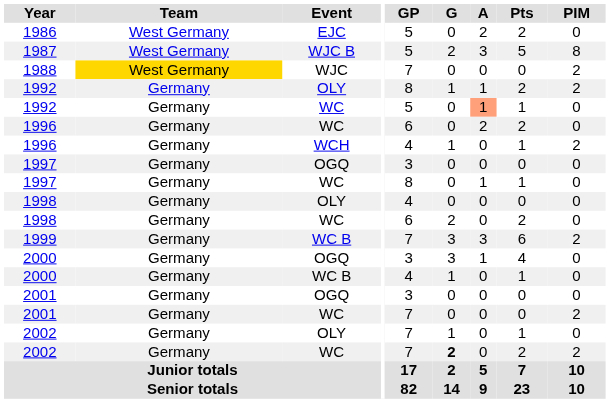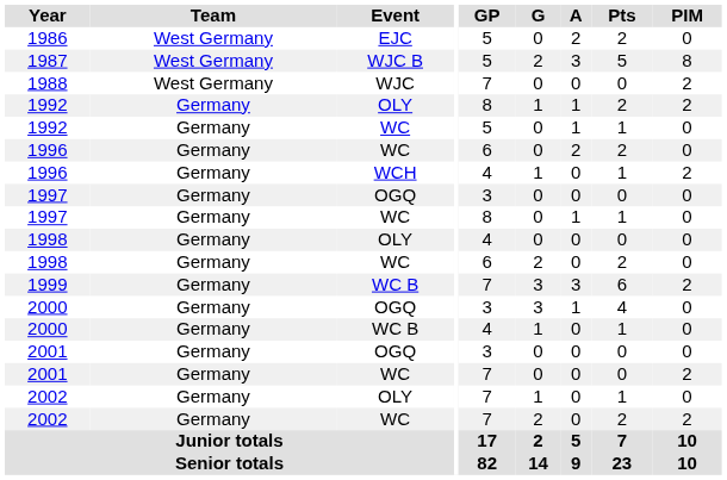 <table border="0" cellpadding="1" cellspacing="0" ID="Table3" style="text-align:center; width:40em">
 <tr bgcolor="#e0e0e0">
 <th>Year</th>
 <th>Team</th>
 <th>Event</th>
 <th rowspan="102" bgcolor="#ffffff"></th>
 <th>GP</th>
 <th>G</th>
 <th>A</th>
 <th>Pts</th>
 <th>PIM</th>
 </tr>
 <tr>
 <td><a href='#'>1986</a></td>
 <td><a href='#'>West Germany</a></td>
 <td><a href='#'>EJC</a></td>
 <td>5</td>
 <td>0</td>
 <td>2</td>
 <td>2</td>
 <td>0</td>
 </tr>
 <tr bgcolor="#f0f0f0">
 <td><a href='#'>1987</a></td>
 <td><a href='#'>West Germany</a></td>
 <td><a href='#'>WJC B</a></td>
 <td>5</td>
 <td>2</td>
 <td>3</td>
 <td>5</td>
 <td>8</td>
 </tr>
 <tr>
 <td><a href='#'>1988</a></td>
-<td style="background: gold;">West Germany</td>
+<td>West Germany</td>
 <td>WJC</td>
 <td>7</td>
 <td>0</td>
 <td>0</td>
 <td>0</td>
 <td>2</td>
 </tr>
 <tr bgcolor="#f0f0f0">
 <td><a href='#'>1992</a></td>
 <td><a href='#'>Germany</a></td>
 <td><a href='#'>OLY</a></td>
 <td>8</td>
 <td>1</td>
 <td>1</td>
 <td>2</td>
 <td>2</td>
 </tr>
 <tr>
 <td><a href='#'>1992</a></td>
 <td>Germany</td>
 <td><a href='#'>WC</a></td>
 <td>5</td>
 <td>0</td>
-<td style="background: lightsalmon;">1</td>
+<td>1</td>
 <td>1</td>
 <td>0</td>
 </tr>
 <tr bgcolor="#f0f0f0">
 <td><a href='#'>1996</a></td>
 <td>Germany</td>
 <td>WC</td>
 <td>6</td>
 <td>0</td>
 <td>2</td>
 <td>2</td>
 <td>0</td>
 </tr>
 <tr>
 <td><a href='#'>1996</a></td>
 <td>Germany</td>
 <td><a href='#'>WCH</a></td>
 <td>4</td>
 <td>1</td>
 <td>0</td>
 <td>1</td>
 <td>2</td>
 </tr>
 <tr bgcolor="#f0f0f0">
 <td><a href='#'>1997</a></td>
 <td>Germany</td>
 <td>OGQ</td>
 <td>3</td>
 <td>0</td>
 <td>0</td>
 <td>0</td>
 <td>0</td>
 </tr>
 <tr>
 <td><a href='#'>1997</a></td>
 <td>Germany</td>
 <td>WC</td>
 <td>8</td>
 <td>0</td>
 <td>1</td>
 <td>1</td>
 <td>0</td>
 </tr>
 <tr bgcolor="#f0f0f0">
 <td><a href='#'>1998</a></td>
 <td>Germany</td>
 <td>OLY</td>
 <td>4</td>
 <td>0</td>
 <td>0</td>
 <td>0</td>
 <td>0</td>
 </tr>
 <tr>
 <td><a href='#'>1998</a></td>
 <td>Germany</td>
 <td>WC</td>
 <td>6</td>
 <td>2</td>
 <td>0</td>
 <td>2</td>
 <td>0</td>
 </tr>
 <tr bgcolor="#f0f0f0">
 <td><a href='#'>1999</a></td>
 <td>Germany</td>
 <td><a href='#'>WC B</a></td>
 <td>7</td>
 <td>3</td>
 <td>3</td>
 <td>6</td>
 <td>2</td>
 </tr>
 <tr>
 <td><a href='#'>2000</a></td>
 <td>Germany</td>
 <td>OGQ</td>
 <td>3</td>
 <td>3</td>
 <td>1</td>
 <td>4</td>
 <td>0</td>
 </tr>
 <tr bgcolor="#f0f0f0">
 <td><a href='#'>2000</a></td>
 <td>Germany</td>
 <td>WC B</td>
 <td>4</td>
 <td>1</td>
 <td>0</td>
 <td>1</td>
 <td>0</td>
 </tr>
 <tr>
 <td><a href='#'>2001</a></td>
 <td>Germany</td>
 <td>OGQ</td>
 <td>3</td>
 <td>0</td>
 <td>0</td>
 <td>0</td>
 <td>0</td>
 </tr>
 <tr bgcolor="#f0f0f0">
 <td><a href='#'>2001</a></td>
 <td>Germany</td>
 <td>WC</td>
 <td>7</td>
 <td>0</td>
 <td>0</td>
 <td>0</td>
 <td>2</td>
 </tr>
 <tr>
 <td><a href='#'>2002</a></td>
 <td>Germany</td>
 <td>OLY</td>
 <td>7</td>
 <td>1</td>
 <td>0</td>
 <td>1</td>
 <td>0</td>
 </tr>
 <tr bgcolor="#f0f0f0">
 <td><a href='#'>2002</a></td>
 <td>Germany</td>
 <td>WC</td>
 <td>7</td>
-<td><strong>2</strong></td>
+<td>2</td>
 <td>0</td>
 <td>2</td>
 <td>2</td>
 </tr>
 <tr bgcolor="#e0e0e0">
 <th colspan="3">Junior totals</th>
 <th>17</th>
 <th>2</th>
 <th>5</th>
 <th>7</th>
 <th>10</th>
 </tr>
 <tr bgcolor="#e0e0e0">
 <th colspan="3">Senior totals</th>
 <th>82</th>
 <th>14</th>
 <th>9</th>
 <th>23</th>
 <th>10</th>
 </tr>
 </table>
